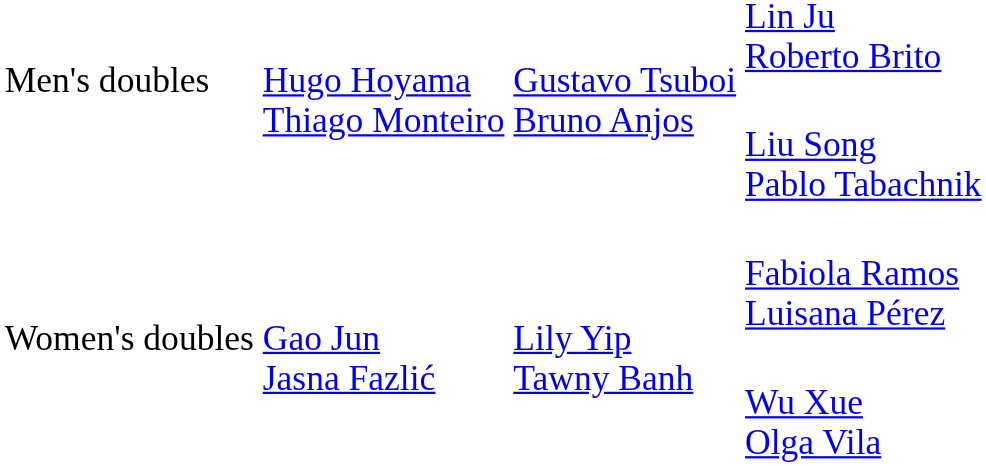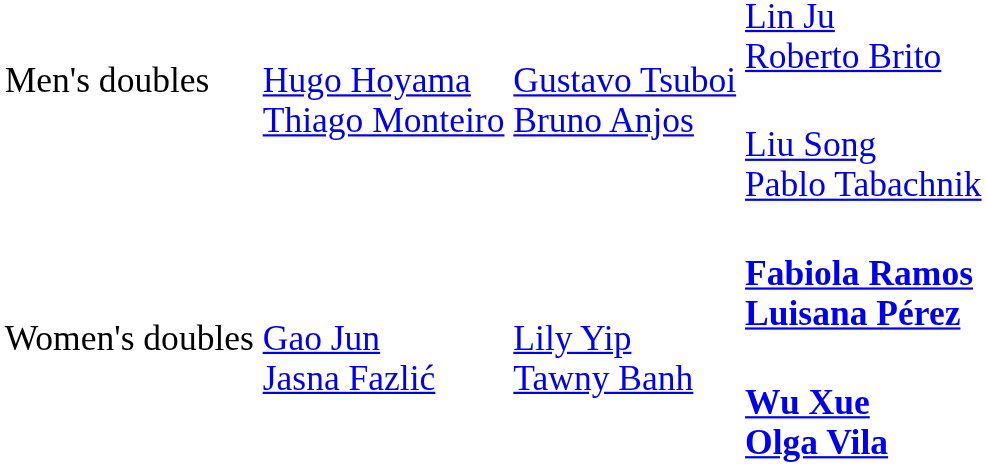 <table>
 <tr>
 <td rowspan=2>Men's doubles<br></td>
 <td rowspan=2><br><a href='#'>Hugo Hoyama</a><br><a href='#'>Thiago Monteiro</a></td>
 <td rowspan=2><br><a href='#'>Gustavo Tsuboi</a><br><a href='#'>Bruno Anjos</a></td>
 <td><br><a href='#'>Lin Ju</a><br><a href='#'>Roberto Brito</a></td>
 </tr>
 <tr>
 <td><br><a href='#'>Liu Song</a><br><a href='#'>Pablo Tabachnik</a></td>
 </tr>
 <tr>
 <td rowspan=2>Women's doubles<br></td>
 <td rowspan=2><br><a href='#'>Gao Jun</a><br><a href='#'>Jasna Fazlić</a></td>
 <td rowspan=2><br><a href='#'>Lily Yip</a><br><a href='#'>Tawny Banh</a></td>
-<td><br><a href='#'>Fabiola Ramos</a><br><a href='#'>Luisana Pérez</a></td>
+<td><strong><br><a href='#'>Fabiola Ramos</a><br><a href='#'>Luisana Pérez</a></strong></td>
 </tr>
 <tr>
-<td><br><a href='#'>Wu Xue</a><br><a href='#'>Olga Vila</a></td>
+<td><strong><br><a href='#'>Wu Xue</a><br><a href='#'>Olga Vila</a></strong></td>
 </tr>
 <tr>
 </tr>
 </table>
